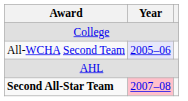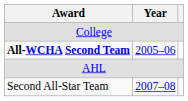 <table class="wikitable">
 <tr>
 <th>Award</th>
 <th>Year</th>
 <th></th>
 </tr>
 <tr ALIGN="center" bgcolor="#e0e0e0">
 <td colspan="3"><a href='#'>College</a></td>
 </tr>
 <tr>
-<td>All-<a href='#'>WCHA</a> <a href='#'>Second Team</a></td>
-<td style="background: lavender;"><a href='#'>2005–06</a></td>
+<td><strong>All-<a href='#'>WCHA</a> <a href='#'>Second Team</a></strong></td>
+<td><a href='#'>2005–06</a></td>
 <td></td>
 </tr>
 <tr ALIGN="center" bgcolor="#e0e0e0">
 <td colspan="3"><a href='#'>AHL</a></td>
 </tr>
 <tr>
-<td><strong>Second All-Star Team</strong></td>
-<td style="background: pink;"><a href='#'>2007–08</a></td>
+<td>Second All-Star Team</td>
+<td><a href='#'>2007–08</a></td>
 <td></td>
 </tr>
 </table>
